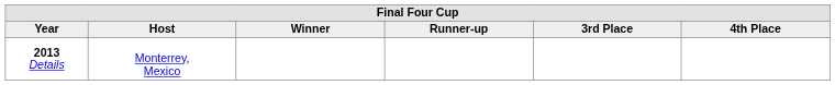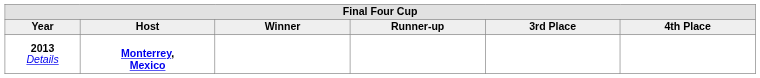 <table class="toccolours" border="1" cellpadding="2" style="border-collapse: collapse; text-align: center; width: 90%; margin: 0 auto;">
 <tr style= "background: #e2e2e2;">
 <th colspan=6 width=100%>Final Four Cup</th>
 </tr>
 <tr style="background: #efefef;">
 <th width=10%>Year</th>
 <th width=18%>Host</th>
 <th width=18%>Winner</th>
 <th width=18%>Runner-up</th>
 <th width=18%>3rd Place</th>
 <th width=18%>4th Place</th>
 </tr>
 <tr align=center>
 <td><strong>2013</strong><br><em><a href='#'>Details</a></em></td>
-<td><br><a href='#'>Monterrey</a>,<br> <a href='#'>Mexico</a></td>
+<td><strong><br><a href='#'>Monterrey</a>,<br> <a href='#'>Mexico</a></strong></td>
 <td></td>
 <td></td>
 <td></td>
 <td></td>
 </tr>
 </table>
